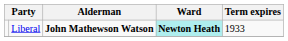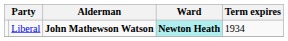 <table class="wikitable">
 <tr>
 <th colspan="2">Party</th>
 <th>Alderman</th>
 <th>Ward</th>
 <th>Term expires</th>
 </tr>
 <tr>
 <td style="background-color:"></td>
 <td><a href='#'>Liberal</a></td>
 <td><strong>John Mathewson Watson</strong></td>
 <td style="background: paleturquoise;"><strong>Newton Heath</strong></td>
-<td>1933</td>
+<td>1934</td>
 </tr>
 <tr>
 </tr>
 </table>
